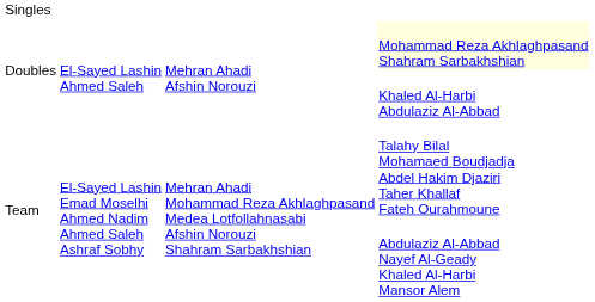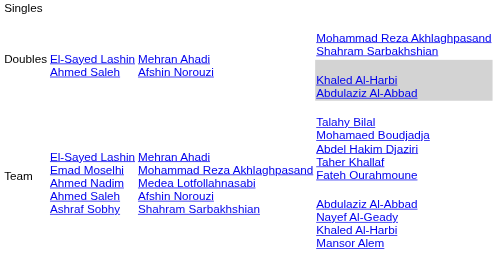 <table>
 <tr>
 <td rowspan=2>Singles</td>
 <td rowspan=2></td>
 <td rowspan=2></td>
 <td></td>
 </tr>
 <tr>
 <td></td>
 </tr>
 <tr>
 <td rowspan=2>Doubles</td>
 <td rowspan=2><br><a href='#'>El-Sayed Lashin</a><br><a href='#'>Ahmed Saleh</a></td>
 <td rowspan=2><br><a href='#'>Mehran Ahadi</a><br><a href='#'>Afshin Norouzi</a></td>
-<td style="background: lightyellow;"><br><a href='#'>Mohammad Reza Akhlaghpasand</a><br><a href='#'>Shahram Sarbakhshian</a></td>
+<td><br><a href='#'>Mohammad Reza Akhlaghpasand</a><br><a href='#'>Shahram Sarbakhshian</a></td>
 </tr>
 <tr>
-<td><br><a href='#'>Khaled Al-Harbi</a><br><a href='#'>Abdulaziz Al-Abbad</a></td>
+<td style="background: lightgrey;"><br><a href='#'>Khaled Al-Harbi</a><br><a href='#'>Abdulaziz Al-Abbad</a></td>
 </tr>
 <tr>
 <td rowspan=2>Team</td>
 <td rowspan=2><br><a href='#'>El-Sayed Lashin</a><br><a href='#'>Emad Moselhi</a><br><a href='#'>Ahmed Nadim</a><br><a href='#'>Ahmed Saleh</a><br><a href='#'>Ashraf Sobhy</a></td>
 <td rowspan=2><br><a href='#'>Mehran Ahadi</a><br><a href='#'>Mohammad Reza Akhlaghpasand</a><br><a href='#'>Medea Lotfollahnasabi</a><br><a href='#'>Afshin Norouzi</a><br><a href='#'>Shahram Sarbakhshian</a></td>
 <td><br><a href='#'>Talahy Bilal</a><br><a href='#'>Mohamaed Boudjadja</a><br><a href='#'>Abdel Hakim Djaziri</a><br><a href='#'>Taher Khallaf</a><br><a href='#'>Fateh Ourahmoune</a></td>
 </tr>
 <tr>
 <td><br><a href='#'>Abdulaziz Al-Abbad</a><br><a href='#'>Nayef Al-Geady</a><br><a href='#'>Khaled Al-Harbi</a><br><a href='#'>Mansor Alem</a></td>
 </tr>
 </table>
